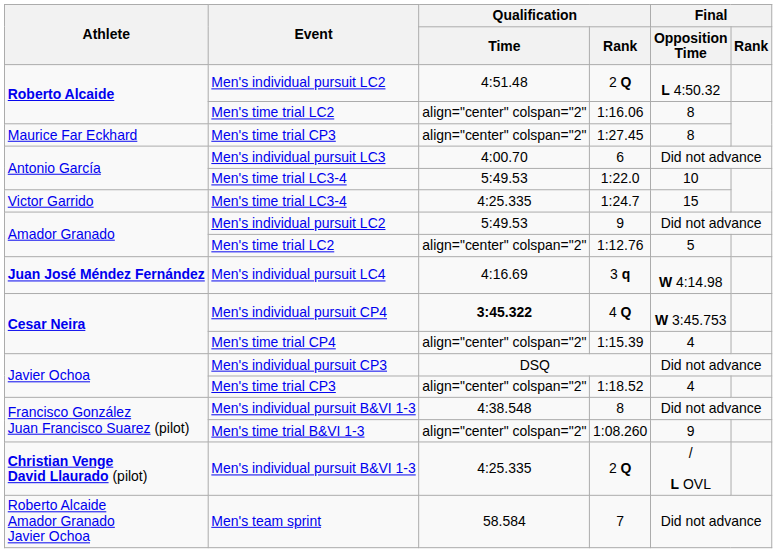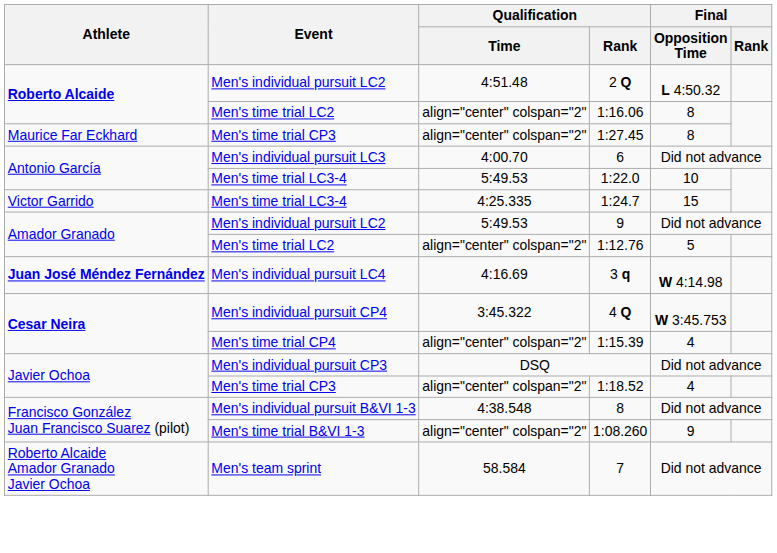 <table class=wikitable style="font-size:90%">
 <tr>
 <th rowspan="2">Athlete</th>
 <th rowspan="2">Event</th>
 <th colspan="2">Qualification</th>
 <th colspan="2">Final</th>
 </tr>
 <tr>
 <th>Time</th>
 <th>Rank</th>
 <th>Opposition<br>Time</th>
 <th>Rank</th>
 </tr>
 <tr>
 <td rowspan="2"><strong><a href='#'>Roberto Alcaide</a></strong></td>
 <td><a href='#'>Men's individual pursuit LC2</a></td>
 <td align="center">4:51.48</td>
 <td align="center">2 <strong>Q</strong></td>
 <td align="center"><br> <strong>L</strong> 4:50.32</td>
 <td align="center"></td>
 </tr>
 <tr>
 <td><a href='#'>Men's time trial LC2</a></td>
 <td>align="center" colspan="2" </td>
 <td align="center">1:16.06</td>
 <td align="center">8</td>
 </tr>
 <tr>
 <td><a href='#'>Maurice Far Eckhard</a></td>
 <td><a href='#'>Men's time trial CP3</a></td>
 <td>align="center" colspan="2" </td>
 <td align="center">1:27.45</td>
 <td align="center">8</td>
 </tr>
 <tr>
 <td rowspan="2"><a href='#'>Antonio García</a></td>
 <td><a href='#'>Men's individual pursuit LC3</a></td>
 <td align="center">4:00.70</td>
 <td align="center">6</td>
 <td align="center" colspan="2">Did not advance</td>
 </tr>
 <tr>
 <td><a href='#'>Men's time trial LC3-4</a></td>
 <td align="center">5:49.53</td>
 <td align="center">1:22.0</td>
 <td align="center">10</td>
 </tr>
 <tr>
 <td><a href='#'>Victor Garrido</a></td>
 <td><a href='#'>Men's time trial LC3-4</a></td>
 <td align="center">4:25.335</td>
 <td align="center">1:24.7</td>
 <td align="center">15</td>
 </tr>
 <tr>
 <td rowspan="2"><a href='#'>Amador Granado</a></td>
 <td><a href='#'>Men's individual pursuit LC2</a></td>
 <td align="center">5:49.53</td>
 <td align="center">9</td>
 <td align="center" colspan="2">Did not advance</td>
 </tr>
 <tr>
 <td><a href='#'>Men's time trial LC2</a></td>
 <td>align="center" colspan="2" </td>
 <td align="center">1:12.76</td>
 <td align="center">5</td>
 </tr>
 <tr>
 <td><strong><a href='#'>Juan José Méndez Fernández</a></strong></td>
 <td><a href='#'>Men's individual pursuit LC4</a></td>
 <td align="center">4:16.69</td>
 <td align="center">3 <strong>q</strong></td>
 <td align="center"><br> <strong>W</strong> 4:14.98</td>
 <td align="center"></td>
 </tr>
 <tr>
 <td rowspan="2"><strong><a href='#'>Cesar Neira</a></strong></td>
 <td><a href='#'>Men's individual pursuit CP4</a></td>
-<td align="center"><strong>3:45.322</strong></td>
+<td align="center">3:45.322</td>
 <td align="center">4 <strong>Q</strong></td>
 <td align="center"><br> <strong>W</strong> 3:45.753</td>
 <td align="center"></td>
 </tr>
 <tr>
 <td><a href='#'>Men's time trial CP4</a></td>
 <td>align="center" colspan="2" </td>
 <td align="center">1:15.39</td>
 <td align="center">4</td>
 </tr>
 <tr>
 <td rowspan="2"><a href='#'>Javier Ochoa</a></td>
 <td><a href='#'>Men's individual pursuit CP3</a></td>
 <td align="center" colspan="2">DSQ</td>
 <td align="center" colspan="2">Did not advance</td>
 </tr>
 <tr>
 <td><a href='#'>Men's time trial CP3</a></td>
 <td>align="center" colspan="2" </td>
 <td align="center">1:18.52</td>
 <td align="center">4</td>
 </tr>
 <tr>
 <td rowspan="2"><a href='#'>Francisco González</a><br> <a href='#'>Juan Francisco Suarez</a> (pilot)</td>
 <td><a href='#'>Men's individual pursuit B&VI 1-3</a></td>
 <td align="center">4:38.548</td>
 <td align="center">8</td>
 <td align="center" colspan="2">Did not advance</td>
 </tr>
 <tr>
 <td><a href='#'>Men's time trial B&VI 1-3</a></td>
 <td>align="center" colspan="2" </td>
 <td align="center">1:08.260</td>
 <td align="center">9</td>
 </tr>
 <tr>
-<td><strong><a href='#'>Christian Venge</a></strong><br> <strong><a href='#'>David Llaurado</a></strong> (pilot)</td>
-<td><a href='#'>Men's individual pursuit B&VI 1-3</a></td>
-<td align="center">4:25.335</td>
-<td align="center">2 <strong>Q</strong></td>
-<td align="center"> /<br> <br> <strong>L</strong> OVL</td>
-<td align="center"></td>
-</tr>
-<tr>
 <td><a href='#'>Roberto Alcaide</a><br> <a href='#'>Amador Granado</a><br> <a href='#'>Javier Ochoa</a></td>
 <td><a href='#'>Men's team sprint</a></td>
 <td align="center">58.584</td>
 <td align="center">7</td>
 <td align="center" colspan="2">Did not advance</td>
 </tr>
 </table>
